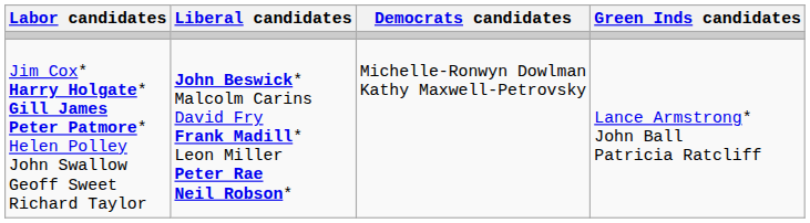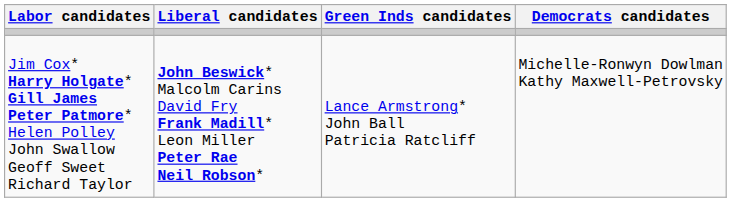 <table class="wikitable">
 <tr>
 <th><a href='#'>Labor</a> candidates</th>
 <th><a href='#'>Liberal</a> candidates</th>
+<th><a href='#'>Green Inds</a> candidates</th>
 <th><a href='#'>Democrats</a> candidates</th>
-<th><a href='#'>Green Inds</a> candidates</th>
 </tr>
 <tr bgcolor="#cccccc">
 <td></td>
 <td></td>
 <td></td>
 <td></td>
 </tr>
 <tr>
 <td><br><a href='#'>Jim Cox</a>*<br> <strong><a href='#'>Harry Holgate</a></strong>*<br> <strong><a href='#'>Gill James</a></strong><br> <strong><a href='#'>Peter Patmore</a></strong>*<br> <a href='#'>Helen Polley</a><br> John Swallow<br> Geoff Sweet<br> Richard Taylor<br></td>
 <td><br><strong><a href='#'>John Beswick</a></strong>*<br> Malcolm Carins<br> <a href='#'>David Fry</a><br> <strong><a href='#'>Frank Madill</a></strong>*<br> Leon Miller<br> <strong><a href='#'>Peter Rae</a></strong><br> <strong><a href='#'>Neil Robson</a></strong>*</td>
+<td><br><a href='#'>Lance Armstrong</a>*<br> John Ball<br> Patricia Ratcliff</td>
 <td valign=top><br>Michelle-Ronwyn Dowlman<br> Kathy Maxwell-Petrovsky</td>
-<td><br><a href='#'>Lance Armstrong</a>*<br> John Ball<br> Patricia Ratcliff</td>
 </tr>
 </table>
